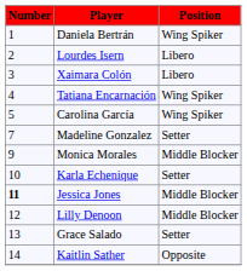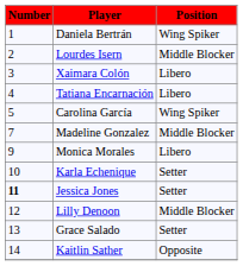 <table bgcolor="#f7f8ff" cellpadding="3" cellspacing="0" border="1" style="font-size: 95%; border: gray solid 1px; border-collapse: collapse;">
 <tr bgcolor="#ff0000">
 <td align=center><strong>Number</strong></td>
 <td align=center><strong>Player</strong></td>
 <td align=center><strong>Position</strong></td>
 </tr>
 <tr align="left">
 <td>1</td>
 <td> Daniela Bertrán</td>
 <td>Wing Spiker</td>
 </tr>
 <tr align="left">
 <td>2</td>
 <td> <a href='#'>Lourdes Isern</a></td>
-<td>Libero</td>
+<td>Middle Blocker</td>
 </tr>
 <tr align="left">
 <td>3</td>
 <td> <a href='#'>Xaimara Colón</a></td>
 <td>Libero</td>
 </tr>
 <tr align="left">
 <td>4</td>
 <td> <a href='#'>Tatiana Encarnación</a></td>
-<td>Wing Spiker</td>
+<td>Libero</td>
 </tr>
 <tr align="left">
 <td>5</td>
 <td> Carolina García</td>
 <td>Wing Spiker</td>
 </tr>
 <tr align="left">
 <td>7</td>
 <td> Madeline Gonzalez</td>
-<td>Setter</td>
+<td>Middle Blocker</td>
 </tr>
 <tr align="left">
 <td>9</td>
 <td> Monica Morales</td>
-<td>Middle Blocker</td>
+<td>Libero</td>
 </tr>
 <tr align="left">
 <td>10</td>
 <td> <a href='#'>Karla Echenique</a></td>
 <td>Setter</td>
 </tr>
 <tr align="left">
 <td><strong>11</strong></td>
 <td> <a href='#'>Jessica Jones</a></td>
-<td>Middle Blocker</td>
+<td>Setter</td>
 </tr>
 <tr align="left">
 <td>12</td>
 <td> <a href='#'>Lilly Denoon</a></td>
 <td>Middle Blocker</td>
 </tr>
 <tr align="left">
 <td>13</td>
 <td> Grace Salado</td>
 <td>Setter</td>
 </tr>
 <tr align="left">
 <td>14</td>
 <td> <a href='#'>Kaitlin Sather</a></td>
 <td>Opposite</td>
 </tr>
 <tr align="left">
 </tr>
 </table>
